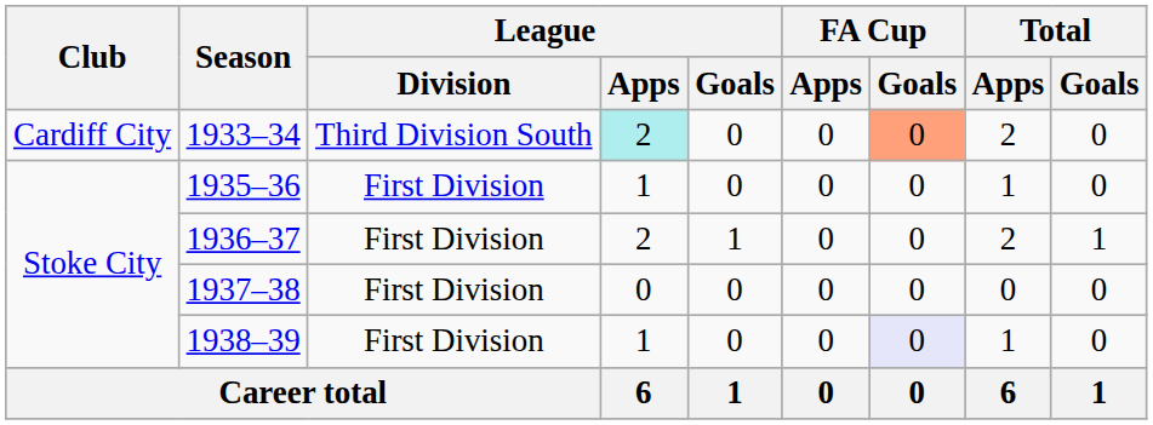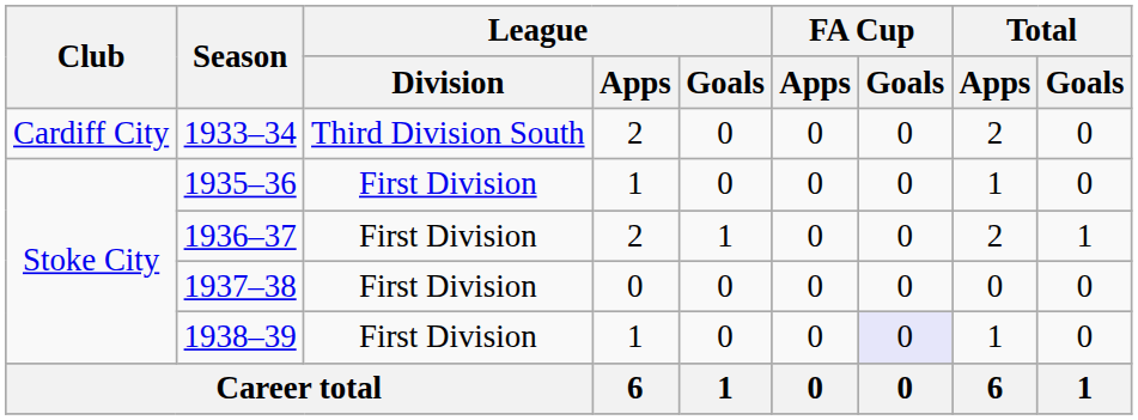 <table class="wikitable" style="text-align: center;">
 <tr>
 <th rowspan="2">Club</th>
 <th rowspan="2">Season</th>
 <th colspan="3">League</th>
 <th colspan="2">FA Cup</th>
 <th colspan="2">Total</th>
 </tr>
 <tr>
 <th>Division</th>
 <th>Apps</th>
 <th>Goals</th>
 <th>Apps</th>
 <th>Goals</th>
 <th>Apps</th>
 <th>Goals</th>
 </tr>
 <tr>
 <td><a href='#'>Cardiff City</a></td>
 <td><a href='#'>1933–34</a></td>
 <td><a href='#'>Third Division South</a></td>
-<td style="background: paleturquoise;">2</td>
+<td>2</td>
 <td>0</td>
 <td>0</td>
-<td style="background: lightsalmon;">0</td>
+<td>0</td>
 <td>2</td>
 <td>0</td>
 </tr>
 <tr>
 <td rowspan="4"><a href='#'>Stoke City</a></td>
 <td><a href='#'>1935–36</a></td>
 <td><a href='#'>First Division</a></td>
 <td>1</td>
 <td>0</td>
 <td>0</td>
 <td>0</td>
 <td>1</td>
 <td>0</td>
 </tr>
 <tr>
 <td><a href='#'>1936–37</a></td>
 <td>First Division</td>
 <td>2</td>
 <td>1</td>
 <td>0</td>
 <td>0</td>
 <td>2</td>
 <td>1</td>
 </tr>
 <tr>
 <td><a href='#'>1937–38</a></td>
 <td>First Division</td>
 <td>0</td>
 <td>0</td>
 <td>0</td>
 <td>0</td>
 <td>0</td>
 <td>0</td>
 </tr>
 <tr>
 <td><a href='#'>1938–39</a></td>
 <td>First Division</td>
 <td>1</td>
 <td>0</td>
 <td>0</td>
 <td style="background: lavender;">0</td>
 <td>1</td>
 <td>0</td>
 </tr>
 <tr>
 <th colspan="3">Career total</th>
 <th>6</th>
 <th>1</th>
 <th>0</th>
 <th>0</th>
 <th>6</th>
 <th>1</th>
 </tr>
 </table>
